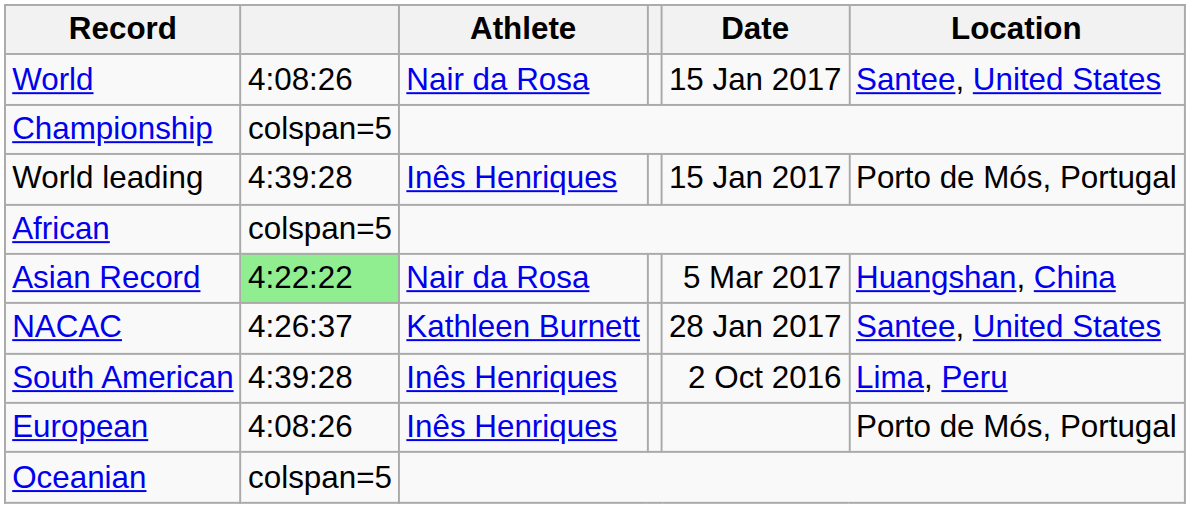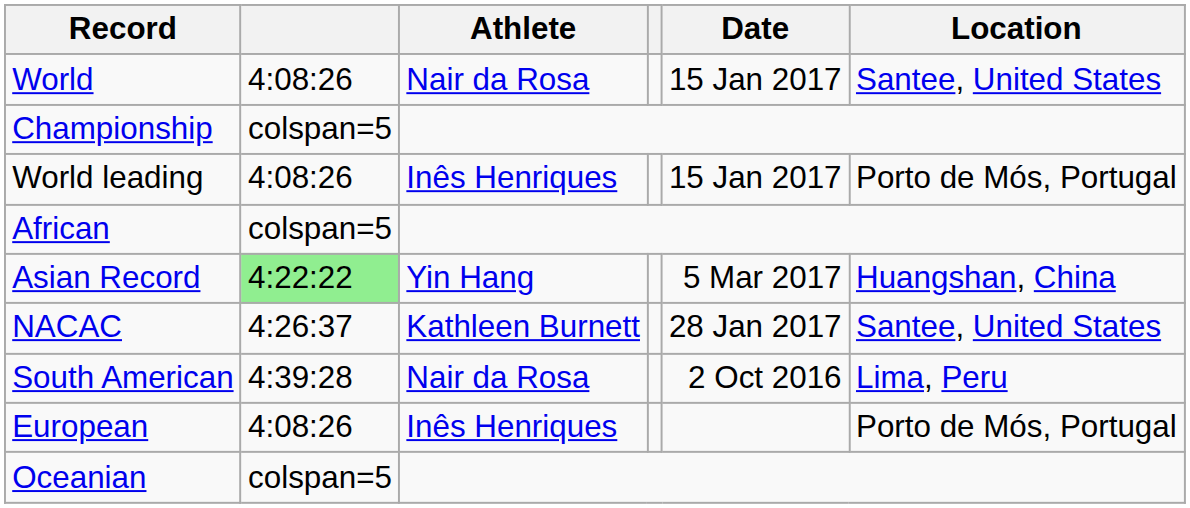 <table class="wikitable">
 <tr>
 <th>Record</th>
 <th></th>
 <th>Athlete</th>
 <th></th>
 <th>Date</th>
 <th>Location</th>
 </tr>
 <tr>
 <td><a href='#'>World</a></td>
 <td>4:08:26</td>
 <td><a href='#'>Nair da Rosa</a></td>
 <td></td>
 <td align=right>15 Jan 2017</td>
 <td><a href='#'>Santee</a>, <a href='#'>United States</a></td>
 </tr>
 <tr>
 <td><a href='#'>Championship</a></td>
 <td>colspan=5 </td>
 </tr>
 <tr>
 <td>World leading</td>
-<td>4:39:28</td>
+<td>4:08:26</td>
 <td><a href='#'>Inês Henriques</a></td>
 <td></td>
 <td align=right>15 Jan 2017</td>
 <td>Porto de Mós, Portugal</td>
 </tr>
 <tr>
 <td><a href='#'>African</a></td>
 <td>colspan=5 </td>
 </tr>
 <tr>
 <td><a href='#'>Asian Record</a></td>
 <td style="background: lightgreen;">4:22:22</td>
-<td><a href='#'>Nair da Rosa</a></td>
+<td><a href='#'>Yin Hang</a></td>
 <td></td>
 <td align=right>5 Mar 2017</td>
 <td><a href='#'>Huangshan</a>, <a href='#'>China</a></td>
 </tr>
 <tr>
 <td><a href='#'>NACAC</a></td>
 <td>4:26:37</td>
 <td><a href='#'>Kathleen Burnett</a></td>
 <td></td>
 <td align=right>28 Jan 2017</td>
 <td><a href='#'>Santee</a>, <a href='#'>United States</a></td>
 </tr>
 <tr>
 <td><a href='#'>South American</a></td>
 <td>4:39:28</td>
-<td><a href='#'>Inês Henriques</a></td>
+<td><a href='#'>Nair da Rosa</a></td>
 <td></td>
 <td align=right>2 Oct 2016</td>
 <td><a href='#'>Lima</a>, <a href='#'>Peru</a></td>
 </tr>
 <tr>
 <td><a href='#'>European</a></td>
 <td>4:08:26</td>
 <td><a href='#'>Inês Henriques</a></td>
 <td></td>
 <td align=right></td>
 <td>Porto de Mós, Portugal</td>
 </tr>
 <tr>
 <td><a href='#'>Oceanian</a></td>
 <td>colspan=5 </td>
 </tr>
 </table>
